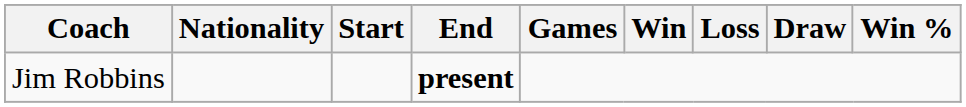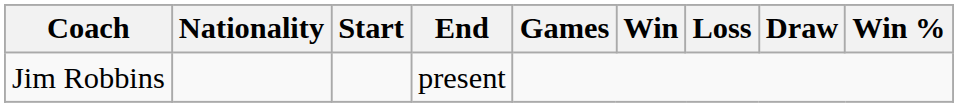 <table class="wikitable" style="text-align:center; margin-left: lem;">
 <tr>
 <th>Coach</th>
 <th>Nationality</th>
 <th>Start</th>
 <th>End</th>
 <th>Games</th>
 <th><strong>Win</strong></th>
 <th>Loss</th>
 <th>Draw</th>
 <th>Win %</th>
 </tr>
 <tr>
 <td>Jim Robbins</td>
 <td></td>
 <td></td>
-<td><strong>present<br></strong></td>
+<td>present<br></td>
 </tr>
 </table>
